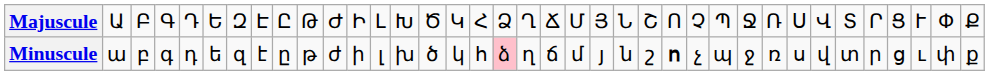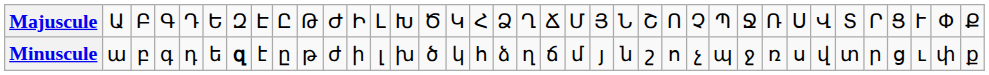 <table class="wikitable" style="text-align:center;">
 <tr>
 <th><a href='#'>Majuscule</a></th>
 <td>Ա</td>
 <td>Բ</td>
 <td>Գ</td>
 <td>Դ</td>
 <td>Ե</td>
 <td>Զ</td>
 <td>Է</td>
 <td>Ը</td>
 <td>Թ</td>
 <td>Ժ</td>
 <td>Ի</td>
 <td>Լ</td>
 <td>Խ</td>
 <td>Ծ</td>
 <td>Կ</td>
 <td>Հ</td>
 <td>Ձ</td>
 <td>Ղ</td>
 <td>Ճ</td>
 <td>Մ</td>
 <td>Յ</td>
 <td>Ն</td>
 <td>Շ</td>
 <td>Ո</td>
 <td>Չ</td>
 <td>Պ</td>
 <td>Ջ</td>
 <td>Ռ</td>
 <td>Ս</td>
 <td>Վ</td>
 <td>Տ</td>
 <td>Ր</td>
 <td>Ց</td>
 <td>Ւ</td>
 <td>Փ</td>
 <td>Ք</td>
 </tr>
 <tr>
 <th><a href='#'>Minuscule</a></th>
 <td>ա</td>
 <td>բ</td>
 <td>գ</td>
 <td>դ</td>
 <td>ե</td>
-<td>զ</td>
+<td><strong>զ</strong></td>
 <td>է</td>
 <td>ը</td>
 <td>թ</td>
 <td>ժ</td>
 <td>ի</td>
 <td>լ</td>
 <td>խ</td>
 <td>ծ</td>
 <td>կ</td>
 <td>հ</td>
-<td style="background: pink;">ձ</td>
+<td>ձ</td>
 <td>ղ</td>
 <td>ճ</td>
 <td>մ</td>
 <td>յ</td>
 <td>ն</td>
 <td>շ</td>
-<td><strong>ո</strong></td>
+<td>ո</td>
 <td>չ</td>
 <td>պ</td>
 <td>ջ</td>
 <td>ռ</td>
 <td>ս</td>
 <td>վ</td>
 <td>տ</td>
 <td>ր</td>
 <td>ց</td>
 <td>ւ</td>
 <td>փ</td>
 <td>ք</td>
 </tr>
 </table>
